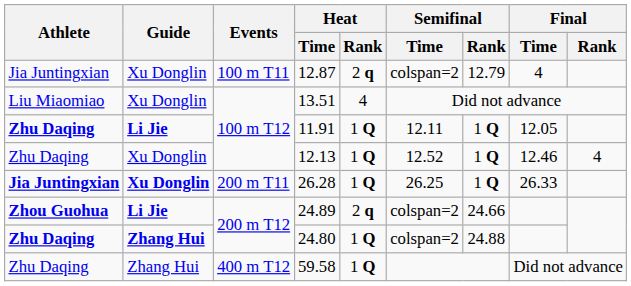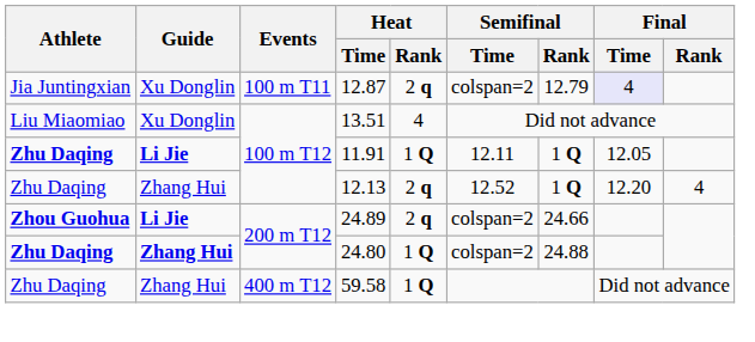 <table class=wikitable  style="text-align: center; font-size:90%">
 <tr>
 <th rowspan="2">Athlete</th>
 <th rowspan="2">Guide</th>
 <th rowspan="2">Events</th>
 <th colspan="2">Heat</th>
 <th colspan="2">Semifinal</th>
 <th colspan="2">Final</th>
 </tr>
 <tr>
 <th>Time</th>
 <th>Rank</th>
 <th>Time</th>
 <th>Rank</th>
 <th>Time</th>
 <th>Rank</th>
 </tr>
 <tr>
 <td align=left><a href='#'>Jia Juntingxian</a></td>
 <td align=left><a href='#'>Xu Donglin</a></td>
 <td align=left><a href='#'>100 m T11</a></td>
 <td>12.87</td>
 <td>2 <strong>q</strong></td>
 <td>colspan=2 </td>
 <td>12.79</td>
-<td>4</td>
+<td style="background: lavender;">4</td>
 </tr>
 <tr>
 <td align=left><a href='#'>Liu Miaomiao</a></td>
 <td align=left><a href='#'>Xu Donglin</a></td>
 <td align=left rowspan=3><a href='#'>100 m T12</a></td>
 <td>13.51</td>
 <td>4</td>
 <td colspan=4>Did not advance</td>
 </tr>
 <tr>
 <td align=left><strong><a href='#'>Zhu Daqing</a></strong></td>
 <td align=left><strong><a href='#'>Li Jie</a></strong></td>
 <td>11.91 </td>
 <td>1 <strong>Q</strong></td>
 <td>12.11</td>
 <td>1 <strong>Q</strong></td>
 <td>12.05</td>
 <td></td>
 </tr>
 <tr>
 <td align=left><a href='#'>Zhu Daqing</a></td>
-<td align=left><a href='#'>Xu Donglin</a></td>
+<td align=left><a href='#'>Zhang Hui</a></td>
 <td>12.13</td>
-<td>1 <strong>Q</strong></td>
+<td>2 <strong>q</strong></td>
 <td>12.52</td>
 <td>1 <strong>Q</strong></td>
-<td>12.46</td>
+<td>12.20</td>
 <td>4</td>
-</tr>
-<tr>
-<td align=left><strong><a href='#'>Jia Juntingxian</a></strong></td>
-<td align=left><strong><a href='#'>Xu Donglin</a></strong></td>
-<td align=left><a href='#'>200 m T11</a></td>
-<td>26.28</td>
-<td>1 <strong>Q</strong></td>
-<td>26.25</td>
-<td>1 <strong>Q</strong></td>
-<td>26.33</td>
-<td></td>
 </tr>
 <tr>
 <td align=left><strong><a href='#'>Zhou Guohua</a></strong></td>
 <td align=left><strong><a href='#'>Li Jie</a></strong></td>
 <td align=left rowspan=2><a href='#'>200 m T12</a></td>
 <td>24.89</td>
 <td>2 <strong>q</strong></td>
 <td>colspan=2 </td>
 <td>24.66 </td>
 <td></td>
 </tr>
 <tr>
 <td align=left><strong><a href='#'>Zhu Daqing</a></strong></td>
 <td align=left><strong><a href='#'>Zhang Hui</a></strong></td>
 <td>24.80</td>
 <td>1 <strong>Q</strong></td>
 <td>colspan=2 </td>
 <td>24.88</td>
 <td></td>
 </tr>
 <tr>
 <td align=left><a href='#'>Zhu Daqing</a></td>
 <td align=left><a href='#'>Zhang Hui</a></td>
 <td align=left><a href='#'>400 m T12</a></td>
 <td>59.58</td>
 <td>1 <strong>Q</strong></td>
 <td colspan=2></td>
 <td colspan=2>Did not advance</td>
 </tr>
 </table>
